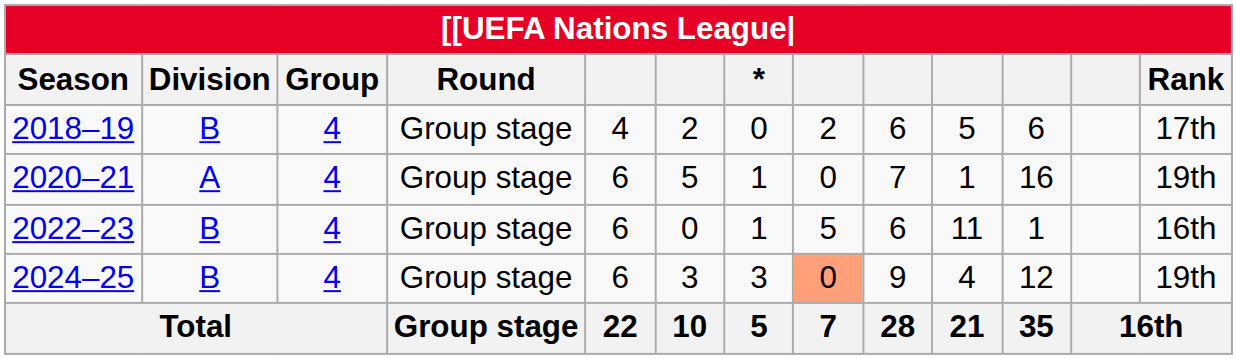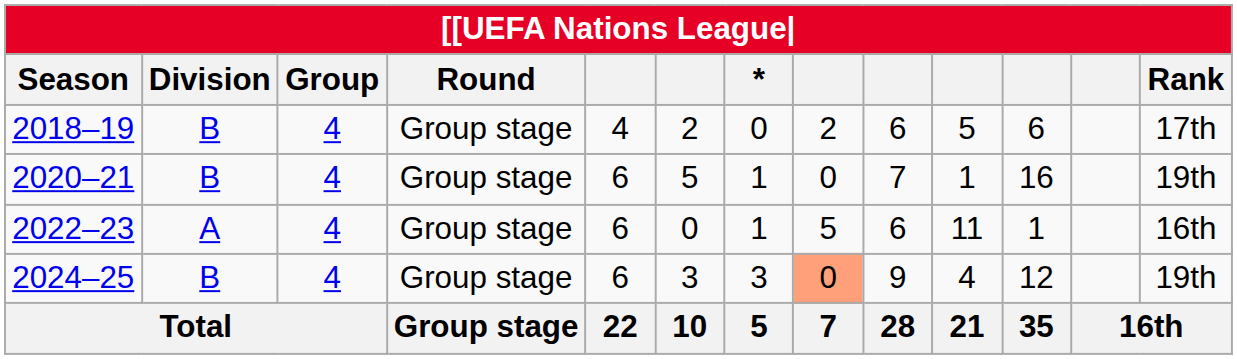 <table class="wikitable" style="text-align:center">
 <tr>
 <th colspan="13" style="background:#E60026;color:#FFFFFF;">[[UEFA Nations League|</th>
 </tr>
 <tr>
 <th>Season</th>
 <th>Division</th>
 <th>Group</th>
 <th>Round</th>
 <th width=28></th>
 <th width=28></th>
 <th width=28>*</th>
 <th width=28></th>
 <th width=28></th>
 <th width=28></th>
 <th width=28></th>
 <th width=28></th>
 <th>Rank</th>
 </tr>
 <tr>
 <td><a href='#'>2018–19</a></td>
 <td><a href='#'>B</a></td>
 <td><a href='#'>4</a></td>
 <td>Group stage</td>
 <td>4</td>
 <td>2</td>
 <td>0</td>
 <td>2</td>
 <td>6</td>
 <td>5</td>
 <td>6</td>
 <td></td>
 <td>17th</td>
 </tr>
 <tr>
 <td><a href='#'>2020–21</a></td>
-<td><a href='#'>A</a></td>
+<td><a href='#'>B</a></td>
 <td><a href='#'>4</a></td>
 <td>Group stage</td>
 <td>6</td>
 <td>5</td>
 <td>1</td>
 <td>0</td>
 <td>7</td>
 <td>1</td>
 <td>16</td>
 <td></td>
 <td>19th</td>
 </tr>
 <tr>
 <td><a href='#'>2022–23</a></td>
-<td><a href='#'>B</a></td>
+<td><a href='#'>A</a></td>
 <td><a href='#'>4</a></td>
 <td>Group stage</td>
 <td>6</td>
 <td>0</td>
 <td>1</td>
 <td>5</td>
 <td>6</td>
 <td>11</td>
 <td>1</td>
 <td></td>
 <td>16th</td>
 </tr>
 <tr>
 <td><a href='#'>2024–25</a></td>
 <td><a href='#'>B</a></td>
 <td><a href='#'>4</a></td>
 <td>Group stage</td>
 <td>6</td>
 <td>3</td>
 <td>3</td>
 <td style="background: lightsalmon;">0</td>
 <td>9</td>
 <td>4</td>
 <td>12</td>
 <td></td>
 <td>19th</td>
 </tr>
 <tr>
 <th colspan="3"><strong>Total</strong></th>
 <th>Group stage</th>
 <th>22</th>
 <th>10</th>
 <th>5</th>
 <th>7</th>
 <th>28</th>
 <th>21</th>
 <th>35</th>
 <th colspan="2">16th</th>
 </tr>
 </table>
